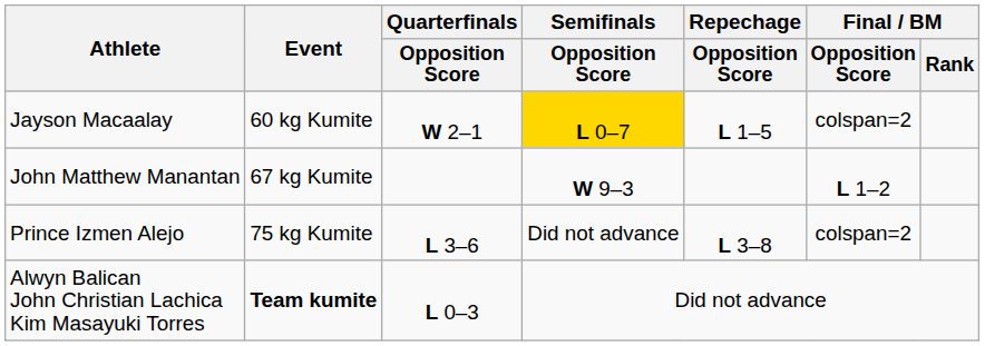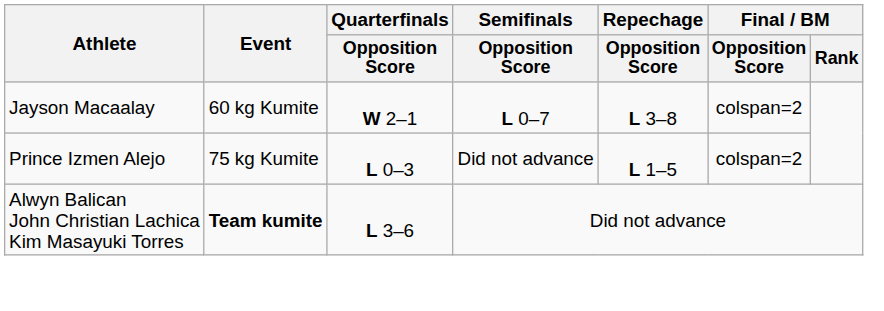 <table class="wikitable" style="font-size:90%">
 <tr>
 <th rowspan=2>Athlete</th>
 <th rowspan=2>Event</th>
 <th>Quarterfinals</th>
 <th>Semifinals</th>
 <th>Repechage</th>
 <th colspan=2>Final / BM</th>
 </tr>
 <tr style="font-size:95%">
 <th>Opposition<br>Score</th>
 <th>Opposition<br>Score</th>
 <th>Opposition<br>Score</th>
 <th>Opposition<br>Score</th>
 <th>Rank</th>
 </tr>
 <tr align=center>
 <td align=left>Jayson Macaalay</td>
 <td align=left>60 kg Kumite</td>
 <td><br><strong>W</strong> 2–1</td>
-<td style="background: gold;"><br><strong>L</strong> 0–7</td>
-<td><br><strong>L</strong> 1–5</td>
+<td><br><strong>L</strong> 0–7</td>
+<td><br><strong>L</strong> 3–8</td>
 <td>colspan=2 </td>
-</tr>
-<tr align=center>
-<td align=left>John Matthew Manantan</td>
-<td align=left>67 kg Kumite</td>
-<td></td>
-<td><br><strong>W</strong> 9–3</td>
-<td></td>
-<td><br><strong>L</strong> 1–2</td>
-<td></td>
 </tr>
 <tr align=center>
 <td align=left>Prince Izmen Alejo</td>
 <td align=left>75 kg Kumite</td>
-<td><br><strong>L</strong> 3–6</td>
+<td><br><strong>L</strong> 0–3</td>
 <td>Did not advance</td>
-<td><br><strong>L</strong> 3–8</td>
+<td><br><strong>L</strong> 1–5</td>
 <td>colspan=2 </td>
 </tr>
 <tr align=center>
 <td align=left>Alwyn Balican<br>John Christian Lachica<br> Kim Masayuki Torres</td>
 <td align=left><strong>Team kumite</strong></td>
-<td><br><strong>L</strong> 0–3</td>
+<td><br><strong>L</strong> 3–6</td>
 <td colspan=4>Did not advance</td>
 </tr>
 </table>
